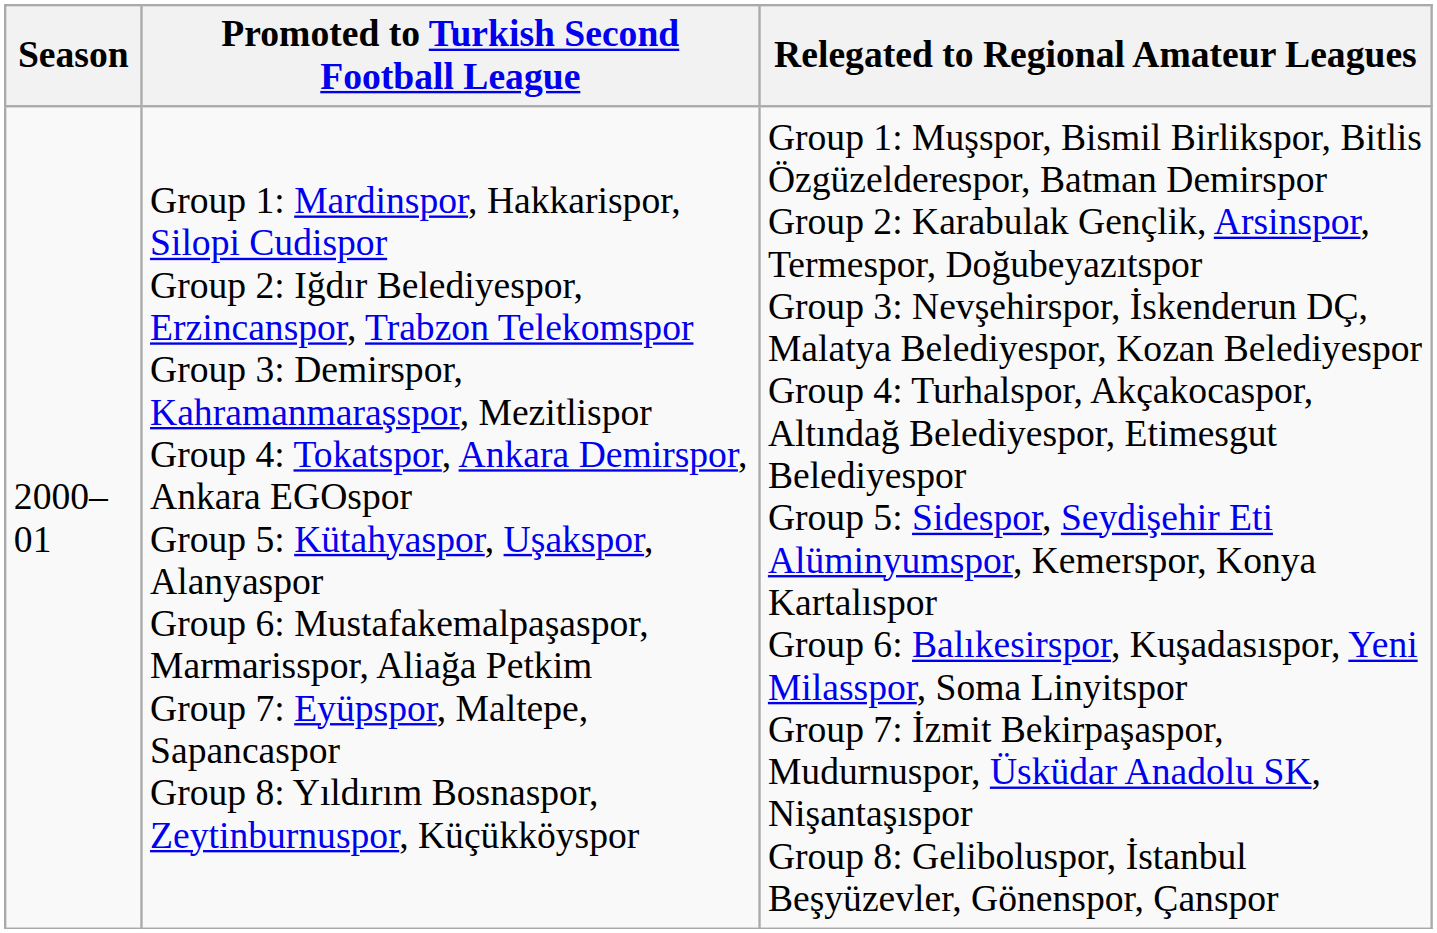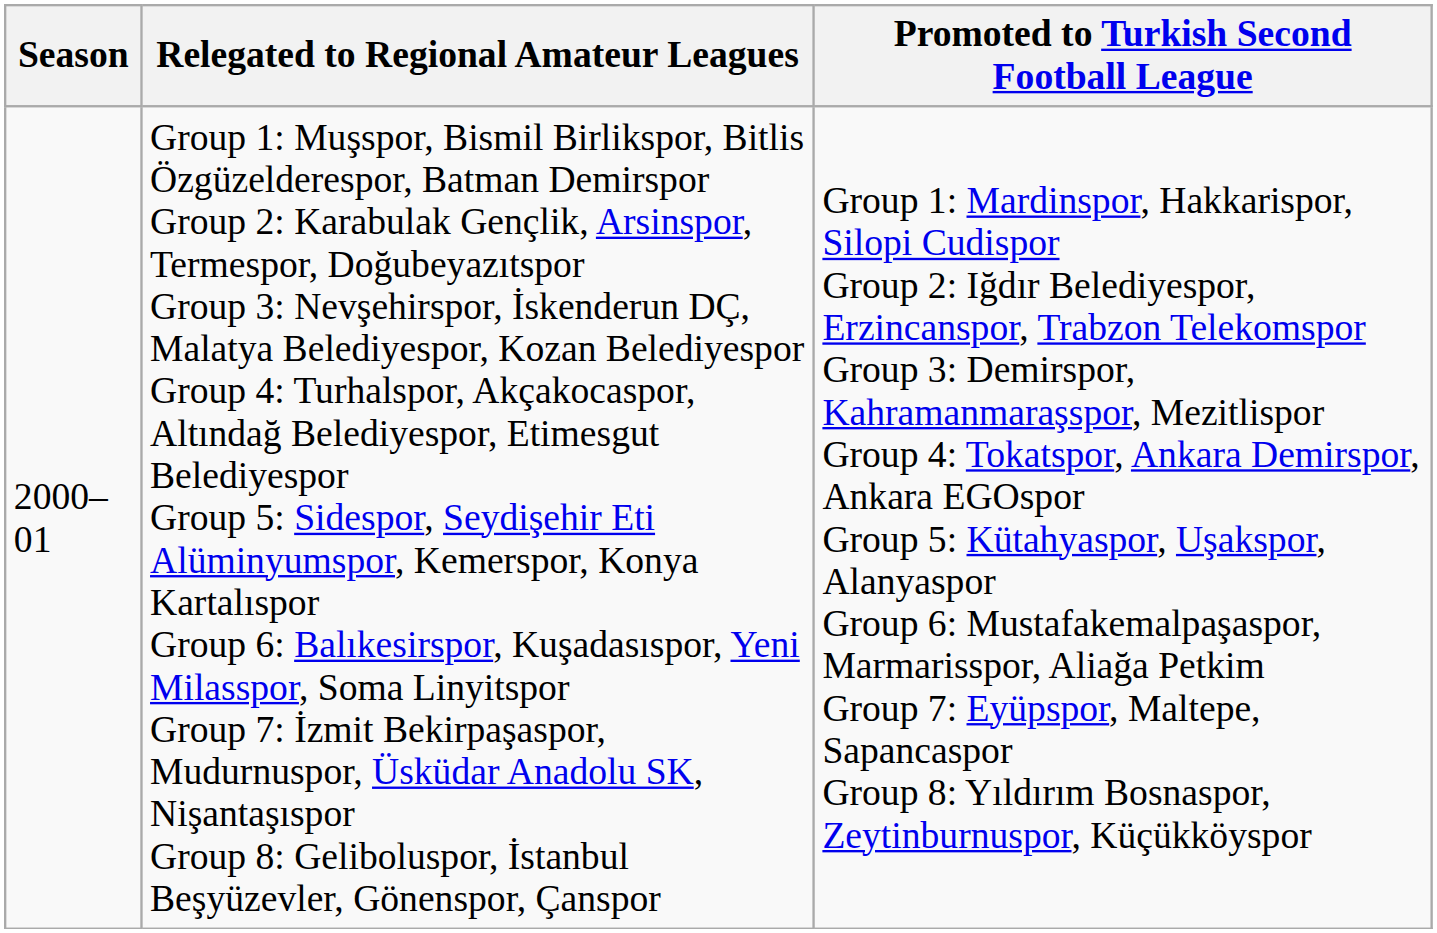 <table class="wikitable">
 <tr>
 <th>Season</th>
+<th>Relegated to Regional Amateur Leagues</th>
 <th>Promoted to <a href='#'>Turkish Second Football League</a></th>
-<th>Relegated to Regional Amateur Leagues</th>
 </tr>
 <tr>
 <td>2000–01</td>
+<td>Group 1: Muşspor, Bismil Birlikspor, Bitlis Özgüzelderespor, Batman Demirspor<br>Group 2: Karabulak Gençlik, <a href='#'>Arsinspor</a>, Termespor, Doğubeyazıtspor<br>Group 3: Nevşehirspor, İskenderun DÇ, Malatya Belediyespor, Kozan Belediyespor<br>Group 4: Turhalspor, Akçakocaspor, Altındağ Belediyespor, Etimesgut Belediyespor <br>Group 5: <a href='#'>Sidespor</a>, <a href='#'>Seydişehir Eti Alüminyumspor</a>, Kemerspor, Konya Kartalıspor<br>Group 6: <a href='#'>Balıkesirspor</a>, Kuşadasıspor, <a href='#'>Yeni Milasspor</a>, Soma Linyitspor<br>Group 7: İzmit Bekirpaşaspor, Mudurnuspor, <a href='#'>Üsküdar Anadolu SK</a>, Nişantaşıspor<br>Group 8: Geliboluspor, İstanbul Beşyüzevler, Gönenspor, Çanspor</td>
 <td>Group 1: <a href='#'>Mardinspor</a>, Hakkarispor, <a href='#'>Silopi Cudispor</a> <br>Group 2: Iğdır Belediyespor, <a href='#'>Erzincanspor</a>, <a href='#'>Trabzon Telekomspor</a> <br>Group 3: Demirspor, <a href='#'>Kahramanmaraşspor</a>, Mezitlispor <br>Group 4: <a href='#'>Tokatspor</a>, <a href='#'>Ankara Demirspor</a>, Ankara EGOspor <br>Group 5: <a href='#'>Kütahyaspor</a>, <a href='#'>Uşakspor</a>, Alanyaspor <br>Group 6: Mustafakemalpaşaspor, Marmarisspor, Aliağa Petkim <br>Group 7: <a href='#'>Eyüpspor</a>, Maltepe, Sapancaspor <br>Group 8: Yıldırım Bosnaspor, <a href='#'>Zeytinburnuspor</a>, Küçükköyspor</td>
-<td>Group 1: Muşspor, Bismil Birlikspor, Bitlis Özgüzelderespor, Batman Demirspor<br>Group 2: Karabulak Gençlik, <a href='#'>Arsinspor</a>, Termespor, Doğubeyazıtspor<br>Group 3: Nevşehirspor, İskenderun DÇ, Malatya Belediyespor, Kozan Belediyespor<br>Group 4: Turhalspor, Akçakocaspor, Altındağ Belediyespor, Etimesgut Belediyespor <br>Group 5: <a href='#'>Sidespor</a>, <a href='#'>Seydişehir Eti Alüminyumspor</a>, Kemerspor, Konya Kartalıspor<br>Group 6: <a href='#'>Balıkesirspor</a>, Kuşadasıspor, <a href='#'>Yeni Milasspor</a>, Soma Linyitspor<br>Group 7: İzmit Bekirpaşaspor, Mudurnuspor, <a href='#'>Üsküdar Anadolu SK</a>, Nişantaşıspor<br>Group 8: Geliboluspor, İstanbul Beşyüzevler, Gönenspor, Çanspor</td>
 </tr>
 </table>
